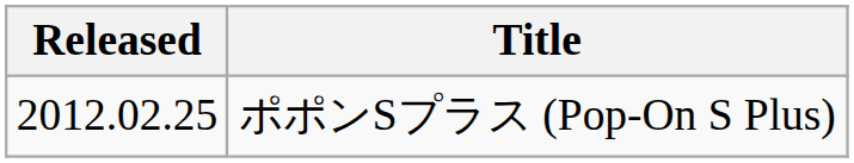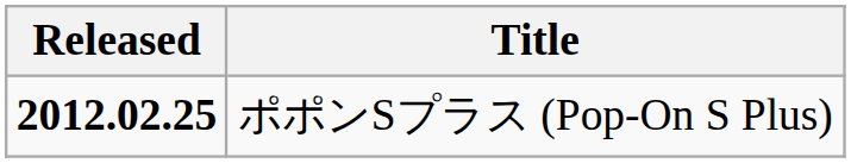 <table class="wikitable">
 <tr>
 <th><strong>Released</strong></th>
 <th><strong>Title</strong></th>
 </tr>
 <tr>
-<td>2012.02.25</td>
+<td><strong>2012.02.25</strong></td>
 <td>ポポンSプラス (Pop-On S Plus)</td>
 </tr>
 </table>
